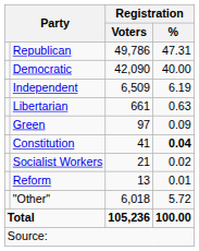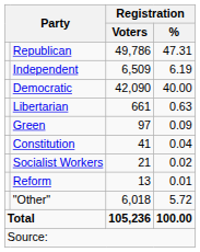 <table class="wikitable">
 <tr>
 <th colspan="2" rowspan="2">Party</th>
 <th colspan="2">Registration</th>
 </tr>
 <tr>
 <th>Voters</th>
 <th>%</th>
 </tr>
 <tr>
 <td style="background-color:"></td>
 <td><a href='#'>Republican</a></td>
 <td style="text-align:right;">49,786</td>
 <td style="text-align:right;">47.31</td>
 </tr>
 <tr>
 <td style="background-color:"></td>
+<td><a href='#'>Independent</a></td>
+<td style="text-align:right;">6,509</td>
+<td style="text-align:right;">6.19</td>
+</tr>
+<tr>
+<td style="background-color:"></td>
 <td><a href='#'>Democratic</a></td>
 <td style="text-align:right;">42,090</td>
 <td style="text-align:right;">40.00</td>
-</tr>
-<tr>
-<td style="background-color:"></td>
-<td><a href='#'>Independent</a></td>
-<td style="text-align:right;">6,509</td>
-<td style="text-align:right;">6.19</td>
 </tr>
 <tr>
 <td style="background-color:"></td>
 <td><a href='#'>Libertarian</a></td>
 <td style="text-align:right;">661</td>
 <td style="text-align:right;">0.63</td>
 </tr>
 <tr>
 <td style="background-color:"></td>
 <td><a href='#'>Green</a></td>
 <td style="text-align:right;">97</td>
 <td style="text-align:right;">0.09</td>
 </tr>
 <tr>
 <td style="background-color:"></td>
 <td><a href='#'>Constitution</a></td>
 <td style="text-align:right;">41</td>
-<td style="text-align:right;"><strong>0.04</strong></td>
+<td style="text-align:right;">0.04</td>
 </tr>
 <tr>
 <td style="background-color:"></td>
 <td><a href='#'>Socialist Workers</a></td>
 <td style="text-align:right;">21</td>
 <td style="text-align:right;">0.02</td>
 </tr>
 <tr>
 <td style="background-color:"></td>
 <td><a href='#'>Reform</a></td>
 <td style="text-align:right;">13</td>
 <td style="text-align:right;">0.01</td>
 </tr>
 <tr>
 <td></td>
 <td>"Other"</td>
 <td style="text-align:right;">6,018</td>
 <td style="text-align:right;">5.72</td>
 </tr>
 <tr>
 <td colspan="2"><strong>Total</strong></td>
 <td style="text-align:right;"><strong>105,236</strong></td>
 <td style="text-align:right;"><strong>100.00</strong></td>
 </tr>
 <tr>
 <td colspan="4">Source: <em></em></td>
 </tr>
 </table>
